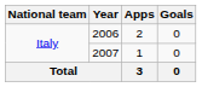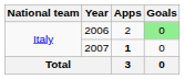 <table class="wikitable" style="text-align:center">
 <tr>
 <th>National team</th>
 <th>Year</th>
 <th>Apps</th>
 <th>Goals</th>
 </tr>
 <tr>
 <td rowspan="2"><a href='#'>Italy</a></td>
 <td>2006</td>
 <td>2</td>
-<td>0</td>
+<td style="background: lightgreen;">0</td>
 </tr>
 <tr>
 <td>2007</td>
-<td>1</td>
+<td><strong>1</strong></td>
 <td>0</td>
 </tr>
 <tr>
 <th colspan="2">Total</th>
 <th>3</th>
 <th>0</th>
 </tr>
 </table>
